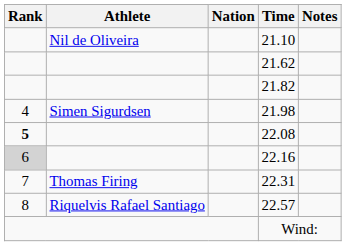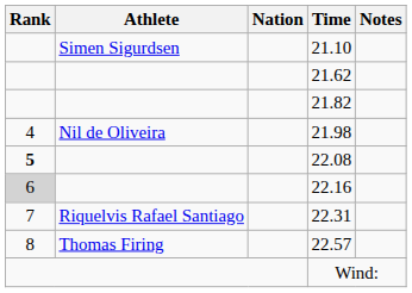 <table class="wikitable sortable" style="text-align:center;">
 <tr>
 <th scope="col" style="width: 10px;">Rank</th>
 <th scope="col">Athlete</th>
 <th scope="col">Nation</th>
 <th scope="col">Time</th>
 <th scope="col">Notes</th>
 </tr>
 <tr>
 <td></td>
-<td align=left><a href='#'>Nil de Oliveira</a></td>
+<td align=left><a href='#'>Simen Sigurdsen</a></td>
 <td align=left></td>
 <td>21.10</td>
 <td></td>
 </tr>
 <tr>
 <td></td>
 <td align=left></td>
 <td align=left></td>
 <td>21.62</td>
 <td></td>
 </tr>
 <tr>
 <td></td>
 <td align=left></td>
 <td align=left></td>
 <td>21.82</td>
 <td></td>
 </tr>
 <tr>
 <td>4</td>
-<td align=left><a href='#'>Simen Sigurdsen</a></td>
+<td align=left><a href='#'>Nil de Oliveira</a></td>
 <td align=left></td>
 <td>21.98</td>
 <td></td>
 </tr>
 <tr>
 <td><strong>5</strong></td>
 <td align=left></td>
 <td align=left></td>
 <td>22.08</td>
 <td></td>
 </tr>
 <tr>
 <td style="background: lightgrey;">6</td>
 <td align=left></td>
 <td align=left></td>
 <td>22.16</td>
 <td></td>
 </tr>
 <tr>
 <td>7</td>
-<td align=left><a href='#'>Thomas Firing</a></td>
+<td align=left><a href='#'>Riquelvis Rafael Santiago</a></td>
 <td align=left></td>
 <td>22.31</td>
 <td></td>
 </tr>
 <tr>
 <td>8</td>
-<td align=left><a href='#'>Riquelvis Rafael Santiago</a></td>
+<td align=left><a href='#'>Thomas Firing</a></td>
 <td align=left></td>
 <td>22.57</td>
 <td></td>
 </tr>
 <tr class="sortbottom">
 <td colspan="3"></td>
 <td colspan="2">Wind: </td>
 </tr>
 </table>
